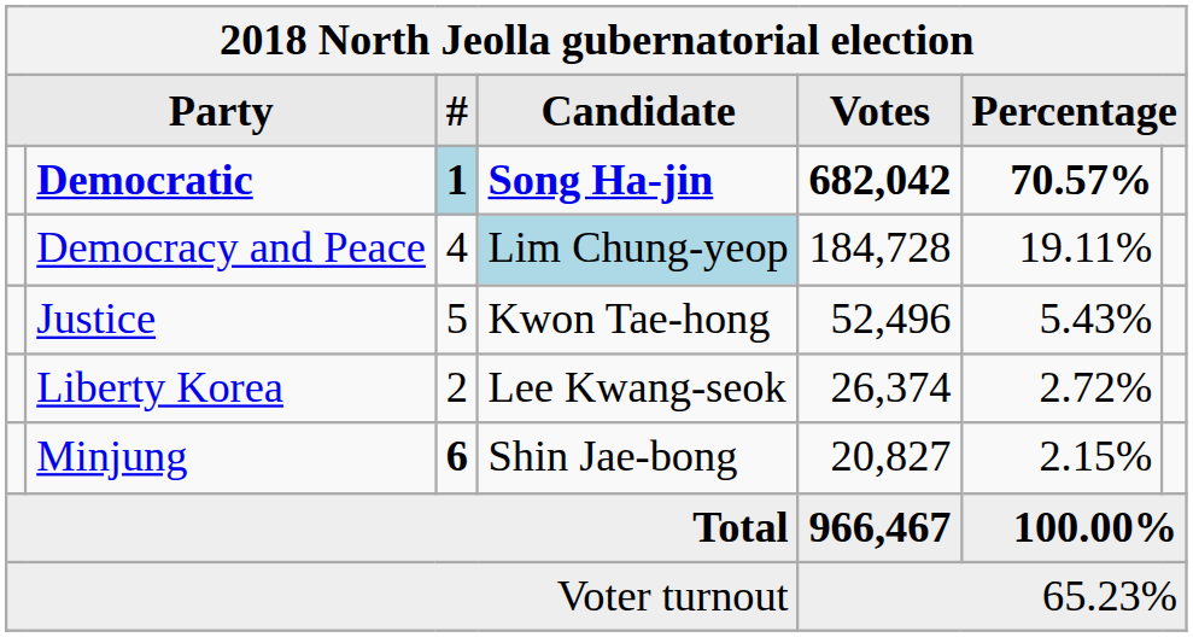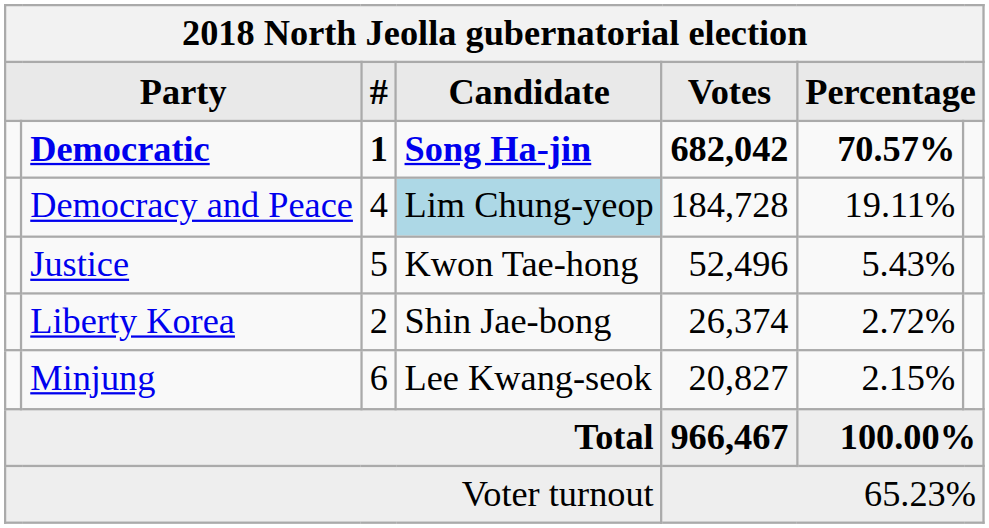 <table class="wikitable">
 <tr>
 <th colspan="7">2018 North Jeolla gubernatorial election</th>
 </tr>
 <tr>
 <th style="background-color:#E9E9E9" colspan=2>Party</th>
 <th style="background-color:#E9E9E9">#</th>
 <th style="background-color:#E9E9E9">Candidate</th>
 <th style="background-color:#E9E9E9">Votes</th>
 <th style="background-color:#E9E9E9" colspan=2>Percentage</th>
 </tr>
 <tr style="font-weight:bold">
 <td></td>
 <td align=left><a href='#'>Democratic</a></td>
-<td align=center style="background: lightblue;">1</td>
+<td align=center>1</td>
 <td align=left><a href='#'>Song Ha-jin</a></td>
 <td align=right>682,042</td>
 <td align=right>70.57%</td>
 <td align=right></td>
 </tr>
 <tr>
 <td></td>
 <td align=left><a href='#'>Democracy and Peace</a></td>
 <td align=center>4</td>
 <td align=left style="background: lightblue;">Lim Chung-yeop</td>
 <td align=right>184,728</td>
 <td align=right>19.11%</td>
 <td align=right></td>
 </tr>
 <tr>
 <td></td>
 <td align=left><a href='#'>Justice</a></td>
 <td align=center>5</td>
 <td align=left>Kwon Tae-hong</td>
 <td align=right>52,496</td>
 <td align=right>5.43%</td>
 <td align=right></td>
 </tr>
 <tr>
 <td></td>
 <td align=left><a href='#'>Liberty Korea</a></td>
 <td align=center>2</td>
-<td align=left>Lee Kwang-seok</td>
+<td align=left>Shin Jae-bong</td>
 <td align=right>26,374</td>
 <td align=right>2.72%</td>
 <td align=right></td>
 </tr>
 <tr>
 <td></td>
 <td align=left><a href='#'>Minjung</a></td>
-<td align=center><strong>6</strong></td>
-<td align=left>Shin Jae-bong</td>
+<td align=center>6</td>
+<td align=left>Lee Kwang-seok</td>
 <td align=right>20,827</td>
 <td align=right>2.15%</td>
 <td align=right></td>
 </tr>
 <tr bgcolor="#EEEEEE" style="font-weight:bold">
 <td colspan="4" align=right>Total</td>
 <td align=right>966,467</td>
 <td align=right colspan=2>100.00%</td>
 </tr>
 <tr bgcolor="#EEEEEE">
 <td colspan="4" align="right">Voter turnout</td>
 <td colspan="3" align="right">65.23%</td>
 </tr>
 </table>
